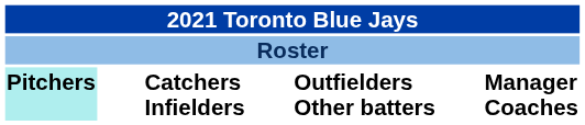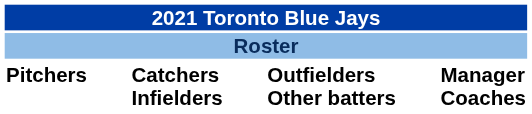 <table class="toccolours" style="font-size: 95%;">
 <tr http://upload.wikimedia.org/wikipedia/en/c/c8/Button_redirect.png>
 <th colspan="10" style="background-color: #003DA5; color: #FFFFFF; text-align: center;">2021 Toronto Blue Jays</th>
 </tr>
 <tr>
 <td colspan="10" style="background-color: #8FBCE6; color: #092C5C; text-align: center;"><strong>Roster</strong></td>
 </tr>
 <tr>
-<td valign="top" style="background: paleturquoise;"><strong>Pitchers</strong><br>                                     </td>
+<td valign="top"><strong>Pitchers</strong><br>                                     </td>
 <td style="width:25px;"></td>
 <td valign="top"><strong>Catchers</strong><br>    <strong>Infielders</strong>          </td>
 <td style="width:25px;"></td>
 <td valign="top"><strong>Outfielders</strong><br>          <strong>Other batters</strong> </td>
 <td style="width:25px;"></td>
 <td valign="top"><strong>Manager</strong><br> <strong>Coaches</strong>                    </td>
 </tr>
 </table>
